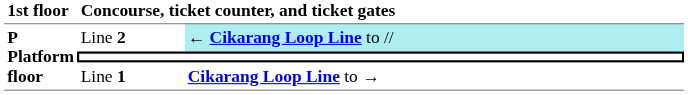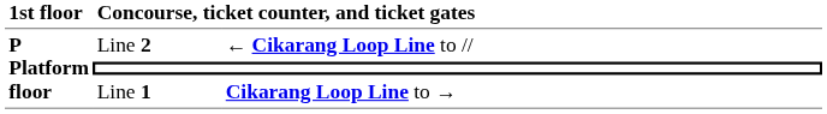 <table cellspacing="0" cellpadding="3">
 <tr>
 <td><strong>1st floor</strong></td>
 <td colspan="2"><strong>Concourse, ticket counter, and ticket gates</strong></td>
 </tr>
 <tr>
 <td style="border-top:solid 1px gray;border-bottom:solid 1px gray;" rowspan="3"><strong>P</strong><br><strong>Platform floor</strong></td>
 <td style="border-top:solid 1px gray;" width="100">Line <strong>2</strong></td>
-<td style="background: paleturquoise; border-top:solid 1px gray;" width="500">←   <strong><a href='#'>Cikarang Loop Line</a></strong> to //</td>
+<td style="border-top:solid 1px gray;" width="500">←   <strong><a href='#'>Cikarang Loop Line</a></strong> to //</td>
 </tr>
 <tr>
 <td colspan="2" style="border-top:solid 2px black;border-right:solid 2px black;border-left:solid 2px black;border-bottom:solid 2px black;text-align:center;"></td>
 </tr>
 <tr>
 <td style="border-bottom:solid 1px gray;">Line <strong>1</strong></td>
 <td style="border-bottom:solid 1px gray;"> <strong><a href='#'>Cikarang Loop Line</a></strong> to   →</td>
 </tr>
 </table>
